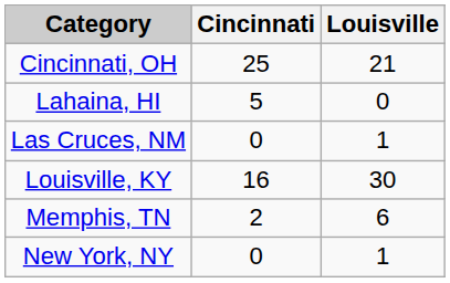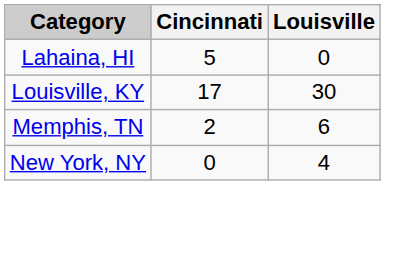 <table class="wikitable">
 <tr>
 <th style="background:#CCCCCC; text-align:center"><strong>Category</strong></th>
 <th><strong>Cincinnati</strong></th>
 <th><strong>Louisville</strong></th>
 </tr>
 <tr>
-<td align=center><a href='#'>Cincinnati, OH</a></td>
-<td align=center>25</td>
-<td align=center>21</td>
-</tr>
-<tr>
 <td align=center><a href='#'>Lahaina, HI</a></td>
 <td align=center>5</td>
 <td align=center>0</td>
 </tr>
 <tr>
-<td align=center><a href='#'>Las Cruces, NM</a></td>
-<td align=center>0</td>
-<td align=center>1</td>
-</tr>
-<tr>
 <td align=center><a href='#'>Louisville, KY</a></td>
-<td align=center>16</td>
+<td align=center>17</td>
 <td align=center>30</td>
 </tr>
 <tr>
 <td align=center><a href='#'>Memphis, TN</a></td>
 <td align=center>2</td>
 <td align=center>6</td>
 </tr>
 <tr>
 <td align=center><a href='#'>New York, NY</a></td>
 <td align=center>0</td>
-<td align=center>1</td>
+<td align=center>4</td>
 </tr>
 </table>
